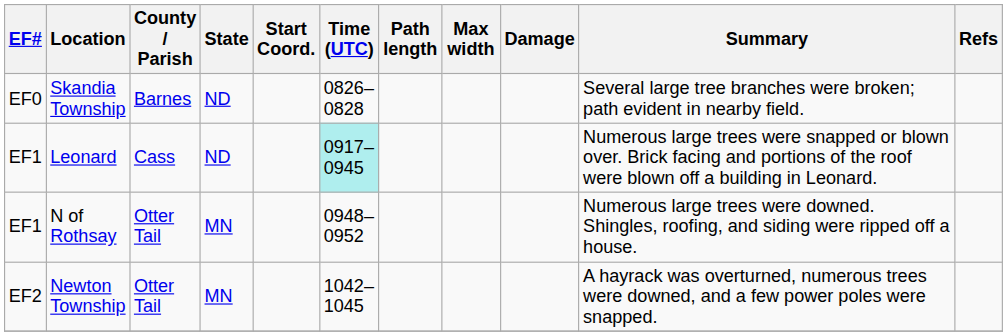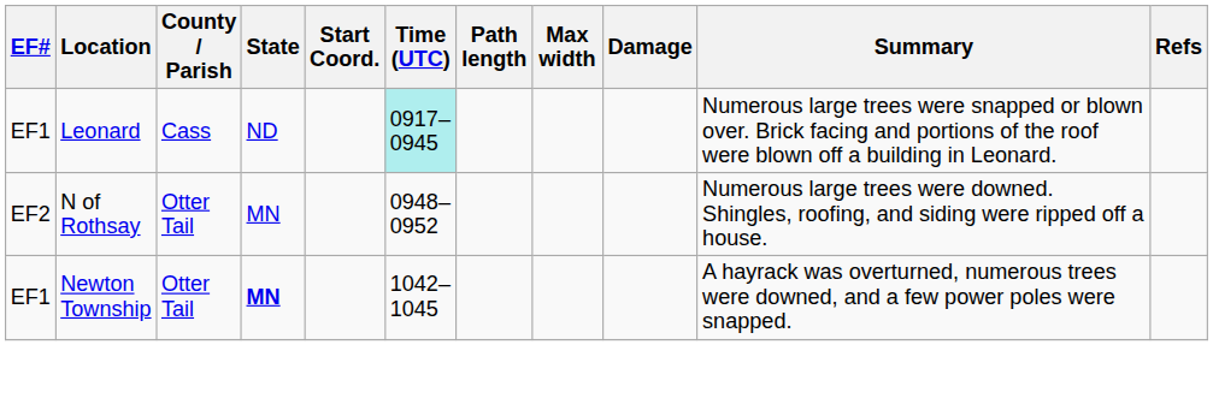 <table class="wikitable sortable" style="width:100%;">
 <tr>
 <th scope="col" width="3%" align="center"><a href='#'>EF#</a></th>
 <th scope="col" width="7%" align="center" class="unsortable">Location</th>
 <th scope="col" width="6%" align="center" class="unsortable">County / Parish</th>
 <th scope="col" width="5%" align="center">State</th>
 <th scope="col" width="6%" align="center">Start Coord.</th>
 <th scope="col" width="6%" align="center">Time (<a href='#'>UTC</a>)</th>
 <th scope="col" width="6%" align="center">Path length</th>
 <th scope="col" width="6%" align="center">Max width</th>
 <th scope="col" width="6%" align="center">Damage</th>
 <th scope="col" width="48%" class="unsortable" align="center">Summary</th>
 <th scope="col" width="48%" class="unsortable" align="center">Refs</th>
 </tr>
 <tr>
-<td>EF0</td>
-<td><a href='#'>Skandia Township</a></td>
-<td><a href='#'>Barnes</a></td>
-<td><a href='#'>ND</a></td>
-<td></td>
-<td>0826–0828</td>
-<td></td>
-<td></td>
-<td></td>
-<td>Several large tree branches were broken; path evident in nearby field.</td>
-<td></td>
-</tr>
-<tr>
 <td>EF1</td>
 <td><a href='#'>Leonard</a></td>
 <td><a href='#'>Cass</a></td>
 <td><a href='#'>ND</a></td>
 <td></td>
 <td style="background: paleturquoise;">0917–0945</td>
 <td></td>
 <td></td>
 <td></td>
 <td>Numerous large trees were snapped or blown over. Brick facing and portions of the roof were blown off a building in Leonard.</td>
 <td></td>
 </tr>
 <tr>
-<td>EF1</td>
+<td>EF2</td>
 <td>N of <a href='#'>Rothsay</a></td>
 <td><a href='#'>Otter Tail</a></td>
 <td><a href='#'>MN</a></td>
 <td></td>
 <td>0948–0952</td>
 <td></td>
 <td></td>
 <td></td>
 <td>Numerous large trees were downed. Shingles, roofing, and siding were ripped off a house.</td>
 <td></td>
 </tr>
 <tr>
-<td>EF2</td>
+<td>EF1</td>
 <td><a href='#'>Newton Township</a></td>
 <td><a href='#'>Otter Tail</a></td>
-<td><a href='#'>MN</a></td>
+<td><strong><a href='#'>MN</a></strong></td>
 <td></td>
 <td>1042–1045</td>
 <td></td>
 <td></td>
 <td></td>
 <td>A hayrack was overturned, numerous trees were downed, and a few power poles were snapped.</td>
 <td></td>
 </tr>
 <tr>
 </tr>
 </table>
